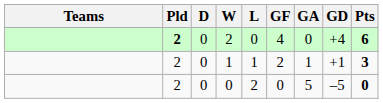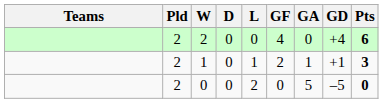 <table class="wikitable" style="text-align: center;">
 <tr>
 <th width=165>Teams</th>
 <th width=20>Pld</th>
+<th width=20>W</th>
 <th width=20>D</th>
-<th width=20>W</th>
 <th width=20>L</th>
 <th width=20>GF</th>
 <th width=20>GA</th>
 <th width=20>GD</th>
 <th width=20>Pts</th>
 </tr>
 <tr align=center style="background:#ccffcc;">
 <td style="text-align:left;"></td>
-<td><strong>2</strong></td>
+<td>2</td>
+<td>2</td>
 <td>0</td>
-<td>2</td>
 <td>0</td>
 <td>4</td>
 <td>0</td>
 <td>+4</td>
 <td><strong>6</strong></td>
 </tr>
 <tr align=center>
 <td style="text-align:left;"></td>
 <td>2</td>
+<td>1</td>
 <td>0</td>
-<td>1</td>
 <td>1</td>
 <td>2</td>
 <td>1</td>
 <td>+1</td>
 <td><strong>3</strong></td>
 </tr>
 <tr align=center>
 <td style="text-align:left;"></td>
 <td>2</td>
 <td>0</td>
 <td>0</td>
 <td>2</td>
 <td>0</td>
 <td>5</td>
 <td>–5</td>
 <td><strong>0</strong></td>
 </tr>
 </table>
